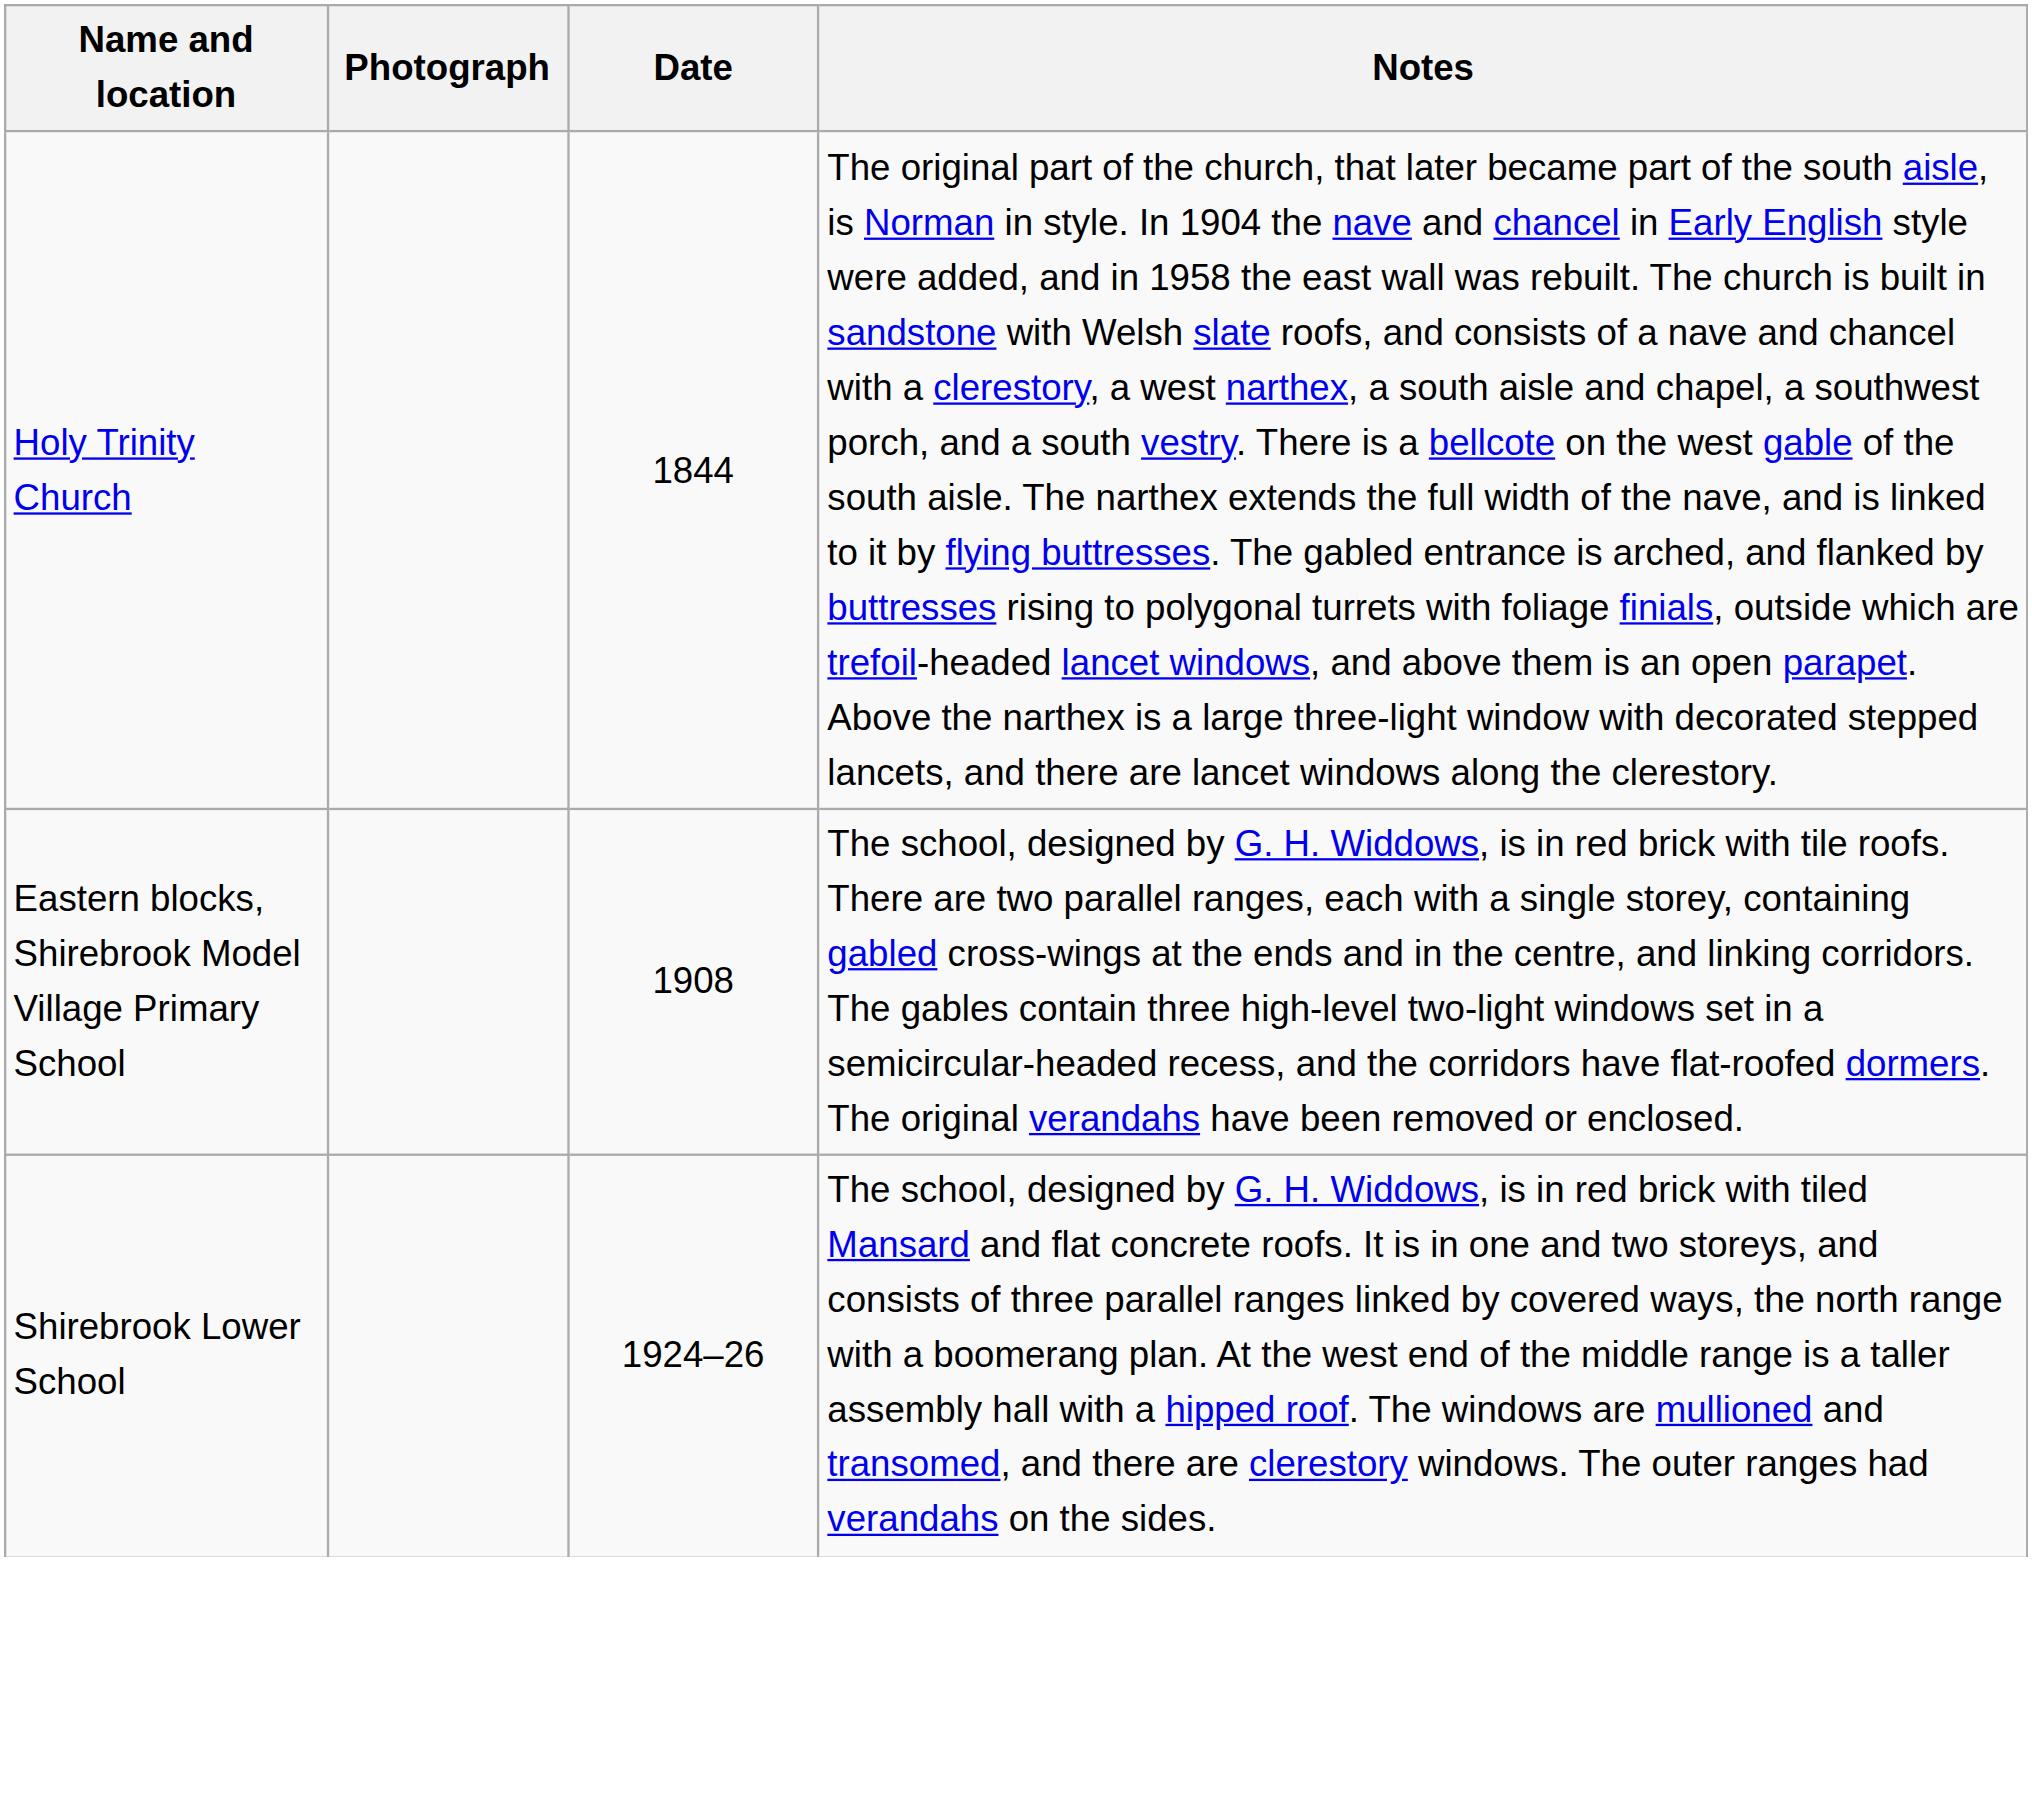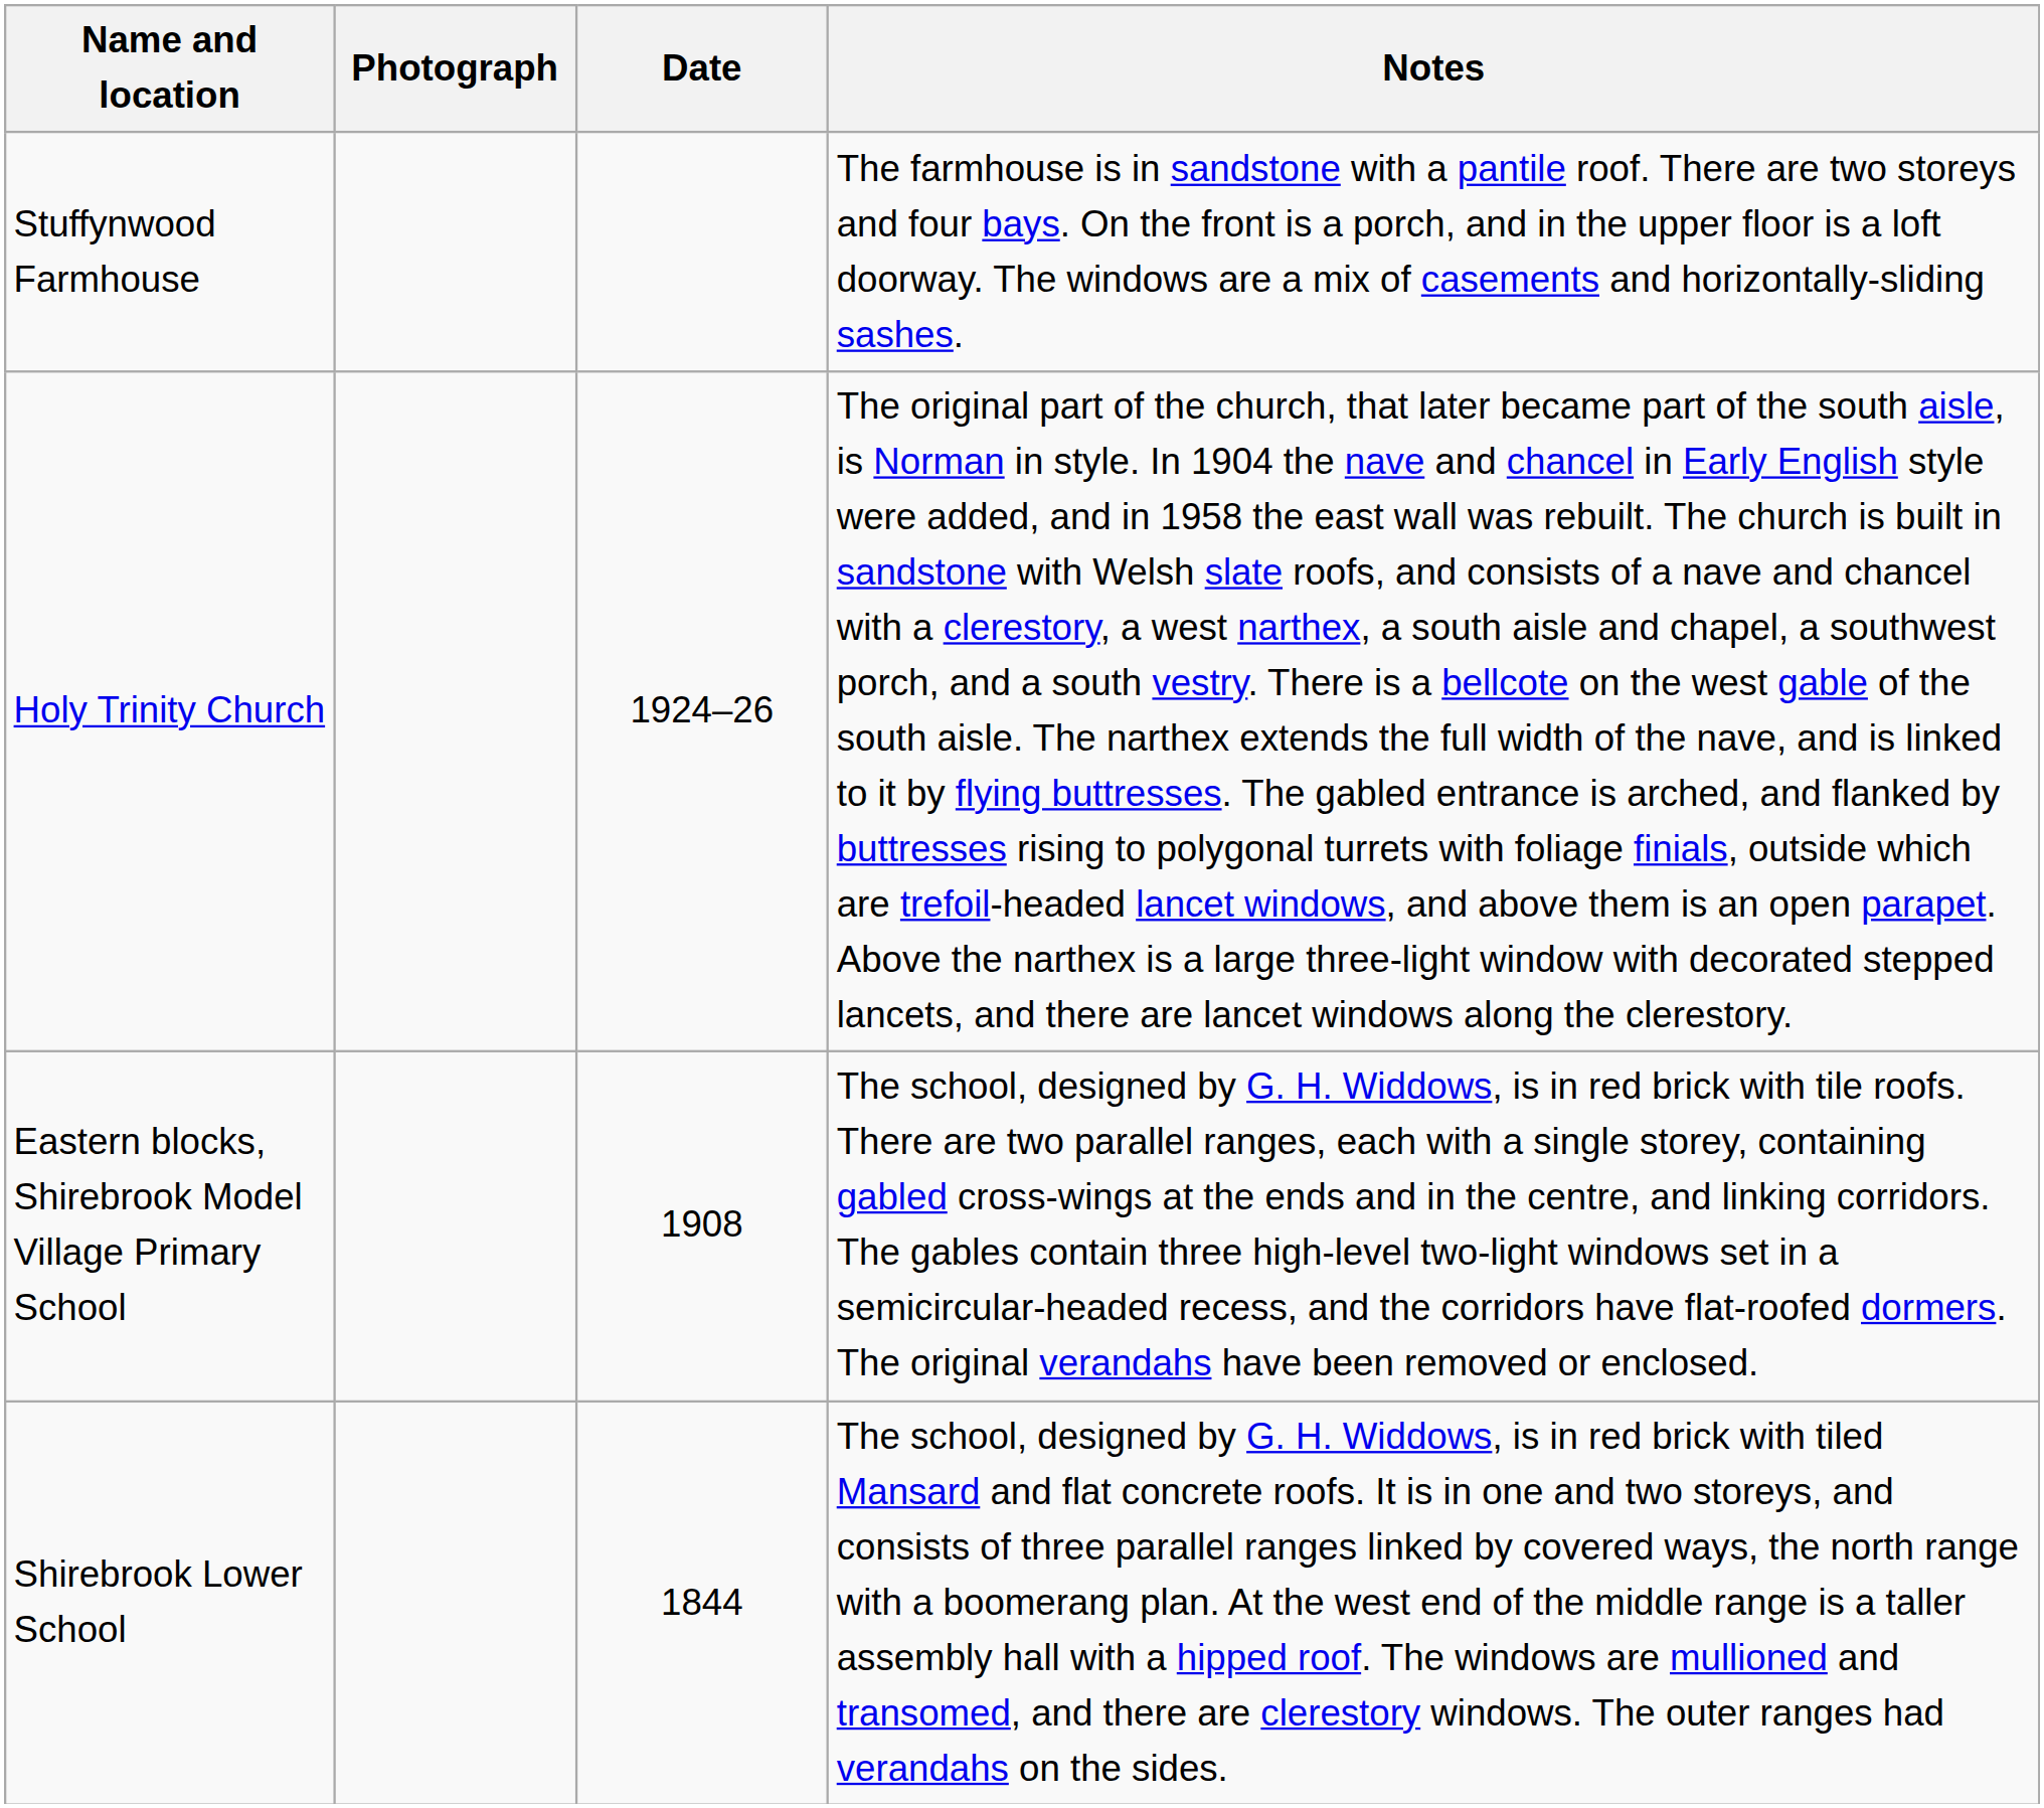 <table class="wikitable sortable plainrowheaders" style="width:100%;border:0px;text-align:left;line-height:150%;">
 <tr>
 <th scope="col"  style="width:150px">Name and location</th>
 <th scope="col"  style="width:100px" class="unsortable">Photograph</th>
 <th scope="col"  style="width:120px">Date</th>
 <th scope="col"  style="width:650px" class="unsortable">Notes</th>
 </tr>
 <tr>
+<td>Stuffynwood Farmhouse<br><small></small></td>
+<td></td>
+<td align="center"></td>
+<td>The farmhouse is in <a href='#'>sandstone</a> with a <a href='#'>pantile</a> roof.  There are two storeys and four <a href='#'>bays</a>.  On the front is a porch, and in the upper floor is a loft doorway.  The windows are a mix of <a href='#'>casements</a> and horizontally-sliding <a href='#'>sashes</a>.</td>
+</tr>
+<tr>
 <td><a href='#'>Holy Trinity Church</a><br><small></small></td>
 <td></td>
-<td align="center">1844</td>
+<td align="center">1924–26</td>
 <td>The original part of the church, that later became part of the south <a href='#'>aisle</a>, is <a href='#'>Norman</a> in style.  In 1904 the <a href='#'>nave</a> and <a href='#'>chancel</a> in <a href='#'>Early English</a> style were added, and in 1958 the east wall was rebuilt.  The church is built in <a href='#'>sandstone</a> with Welsh <a href='#'>slate</a> roofs, and consists of a nave and chancel with a <a href='#'>clerestory</a>, a west <a href='#'>narthex</a>, a south aisle and chapel, a southwest porch, and a south <a href='#'>vestry</a>.  There is a <a href='#'>bellcote</a> on the west <a href='#'>gable</a> of the south aisle.  The narthex extends the full width of the nave, and is linked to it by <a href='#'>flying buttresses</a>.  The gabled entrance is arched, and flanked by <a href='#'>buttresses</a> rising to polygonal turrets with foliage <a href='#'>finials</a>, outside which are <a href='#'>trefoil</a>-headed <a href='#'>lancet windows</a>, and above them is an open <a href='#'>parapet</a>.  Above the narthex is a large three-light window with decorated stepped lancets, and there are lancet windows along the clerestory.</td>
 </tr>
 <tr>
 <td>Eastern blocks, Shirebrook Model Village Primary School<br><small></small></td>
 <td></td>
 <td align="center">1908</td>
 <td>The school, designed by <a href='#'>G. H. Widdows</a>, is in red brick with tile roofs.  There are two parallel ranges, each with a single storey, containing <a href='#'>gabled</a> cross-wings at the ends and in the centre, and linking corridors.  The gables contain three high-level two-light windows set in a semicircular-headed recess, and the corridors have flat-roofed <a href='#'>dormers</a>.  The original <a href='#'>verandahs</a> have been removed or enclosed.</td>
 </tr>
 <tr>
 <td>Shirebrook Lower School<br><small></small></td>
 <td></td>
-<td align="center">1924–26</td>
+<td align="center">1844</td>
 <td>The school, designed by <a href='#'>G. H. Widdows</a>, is in red brick with tiled <a href='#'>Mansard</a> and flat concrete roofs.  It is in one and two storeys, and consists of three parallel ranges linked by covered ways, the north range with a boomerang plan.  At the west end of the middle range is a taller assembly hall with a <a href='#'>hipped roof</a>.  The windows are <a href='#'>mullioned</a> and <a href='#'>transomed</a>, and there are <a href='#'>clerestory</a> windows.  The outer ranges had <a href='#'>verandahs</a> on the sides.</td>
 </tr>
 <tr>
 </tr>
 </table>
